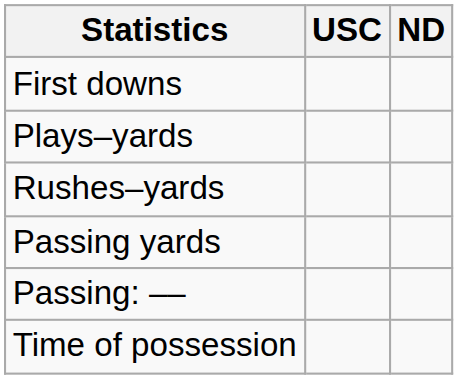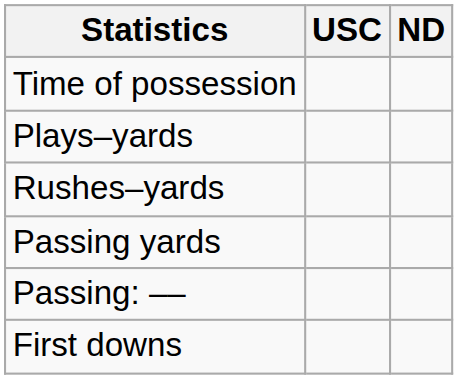 <table class="wikitable" style="float:left">
 <tr>
 <th>Statistics</th>
 <th>USC</th>
 <th>ND</th>
 </tr>
 <tr>
-<td>First downs</td>
+<td>Time of possession</td>
 <td></td>
 <td></td>
 </tr>
 <tr>
 <td>Plays–yards</td>
 <td></td>
 <td></td>
 </tr>
 <tr>
 <td>Rushes–yards</td>
 <td></td>
 <td></td>
 </tr>
 <tr>
 <td>Passing yards</td>
 <td></td>
 <td></td>
 </tr>
 <tr>
 <td>Passing: ––</td>
 <td></td>
 <td></td>
 </tr>
 <tr>
-<td>Time of possession</td>
+<td>First downs</td>
 <td></td>
 <td></td>
 </tr>
 </table>
